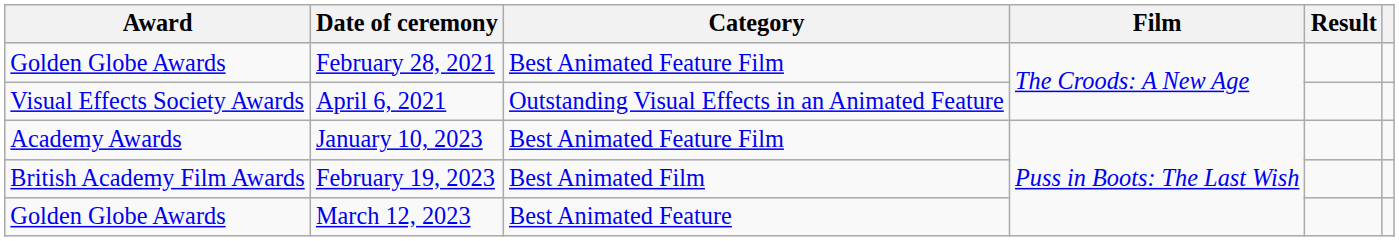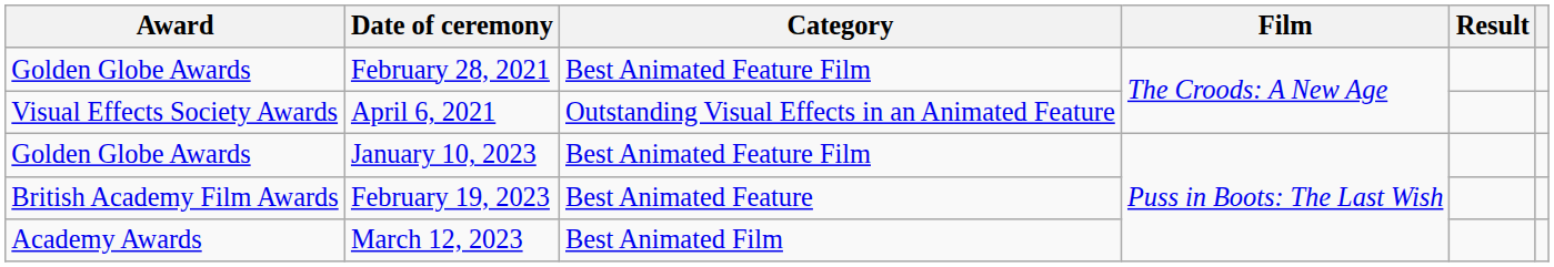 <table class="wikitable sortable plainrowheaders">
 <tr>
 <th scope="col">Award</th>
 <th scope="col">Date of ceremony</th>
 <th scope="col">Category</th>
 <th scope="col">Film</th>
 <th scope="col">Result</th>
 <th scope="col" class="unsortable"></th>
 </tr>
 <tr>
 <td><a href='#'>Golden Globe Awards</a></td>
 <td><a href='#'>February 28, 2021</a></td>
 <td><a href='#'>Best Animated Feature Film</a></td>
 <td rowspan="2"><em><a href='#'>The Croods: A New Age</a></em></td>
 <td></td>
 <td></td>
 </tr>
 <tr>
 <td><a href='#'>Visual Effects Society Awards</a></td>
 <td><a href='#'>April 6, 2021</a></td>
 <td><a href='#'>Outstanding Visual Effects in an Animated Feature</a></td>
 <td></td>
 <td></td>
 </tr>
 <tr>
-<td><a href='#'>Academy Awards</a></td>
+<td><a href='#'>Golden Globe Awards</a></td>
 <td><a href='#'>January 10, 2023</a></td>
 <td><a href='#'>Best Animated Feature Film</a></td>
 <td rowspan="3"><em><a href='#'>Puss in Boots: The Last Wish</a></em></td>
 <td></td>
 <td></td>
 </tr>
 <tr>
 <td><a href='#'>British Academy Film Awards</a></td>
 <td><a href='#'>February 19, 2023</a></td>
+<td><a href='#'>Best Animated Feature</a></td>
+<td></td>
+<td></td>
+</tr>
+<tr>
+<td><a href='#'>Academy Awards</a></td>
+<td><a href='#'>March 12, 2023</a></td>
 <td><a href='#'>Best Animated Film</a></td>
 <td></td>
 <td></td>
 </tr>
-<tr>
-<td><a href='#'>Golden Globe Awards</a></td>
-<td><a href='#'>March 12, 2023</a></td>
-<td><a href='#'>Best Animated Feature</a></td>
-<td></td>
-<td></td>
-</tr>
 </table>
